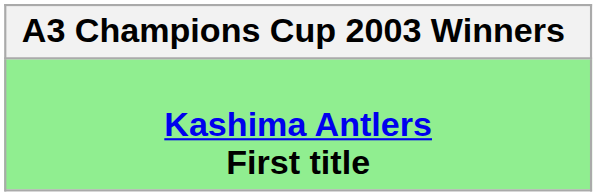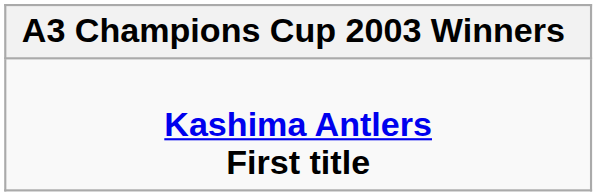 <table class="wikitable" style="text-align: center; margin: 0 auto;">
 <tr>
 <th> A3 Champions Cup 2003 Winners  </th>
 </tr>
 <tr>
-<td style="background: lightgreen;"> <br> <strong><a href='#'>Kashima Antlers</a> <br> First title</strong></td>
+<td> <br> <strong><a href='#'>Kashima Antlers</a> <br> First title</strong></td>
 </tr>
 </table>
